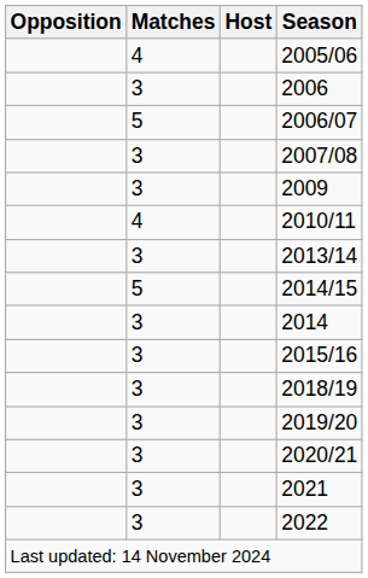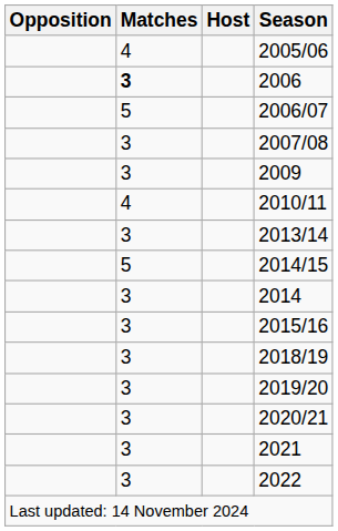 <table class="wikitable plainrowheaders sortable">
 <tr>
 <th scope=col>Opposition</th>
 <th scope=col style="text-align:center">Matches</th>
 <th scope=col>Host</th>
 <th scope=col style="text-align:center">Season</th>
 </tr>
 <tr>
 <td></td>
 <td>4</td>
 <td></td>
 <td>2005/06</td>
 </tr>
 <tr>
 <td></td>
-<td>3</td>
+<td><strong>3</strong></td>
 <td></td>
 <td>2006</td>
 </tr>
 <tr>
 <td></td>
 <td>5</td>
 <td></td>
 <td>2006/07</td>
 </tr>
 <tr>
 <td></td>
 <td>3</td>
 <td></td>
 <td>2007/08</td>
 </tr>
 <tr>
 <td></td>
 <td>3</td>
 <td></td>
 <td>2009</td>
 </tr>
 <tr>
 <td></td>
 <td>4</td>
 <td></td>
 <td>2010/11</td>
 </tr>
 <tr>
 <td></td>
 <td>3</td>
 <td></td>
 <td>2013/14</td>
 </tr>
 <tr>
 <td></td>
 <td>5</td>
 <td></td>
 <td>2014/15</td>
 </tr>
 <tr>
 <td></td>
 <td>3</td>
 <td></td>
 <td>2014</td>
 </tr>
 <tr>
 <td></td>
 <td>3</td>
 <td></td>
 <td>2015/16</td>
 </tr>
 <tr>
 <td></td>
 <td>3</td>
 <td></td>
 <td>2018/19</td>
 </tr>
 <tr>
 <td></td>
 <td>3</td>
 <td></td>
 <td>2019/20</td>
 </tr>
 <tr>
 <td></td>
 <td>3</td>
 <td></td>
 <td>2020/21</td>
 </tr>
 <tr>
 <td></td>
 <td>3</td>
 <td></td>
 <td>2021</td>
 </tr>
 <tr>
 <td></td>
 <td>3</td>
 <td></td>
 <td>2022</td>
 </tr>
 <tr class=sortbottom>
 <td colspan=5><small>Last updated: 14 November 2024</small></td>
 </tr>
 </table>
